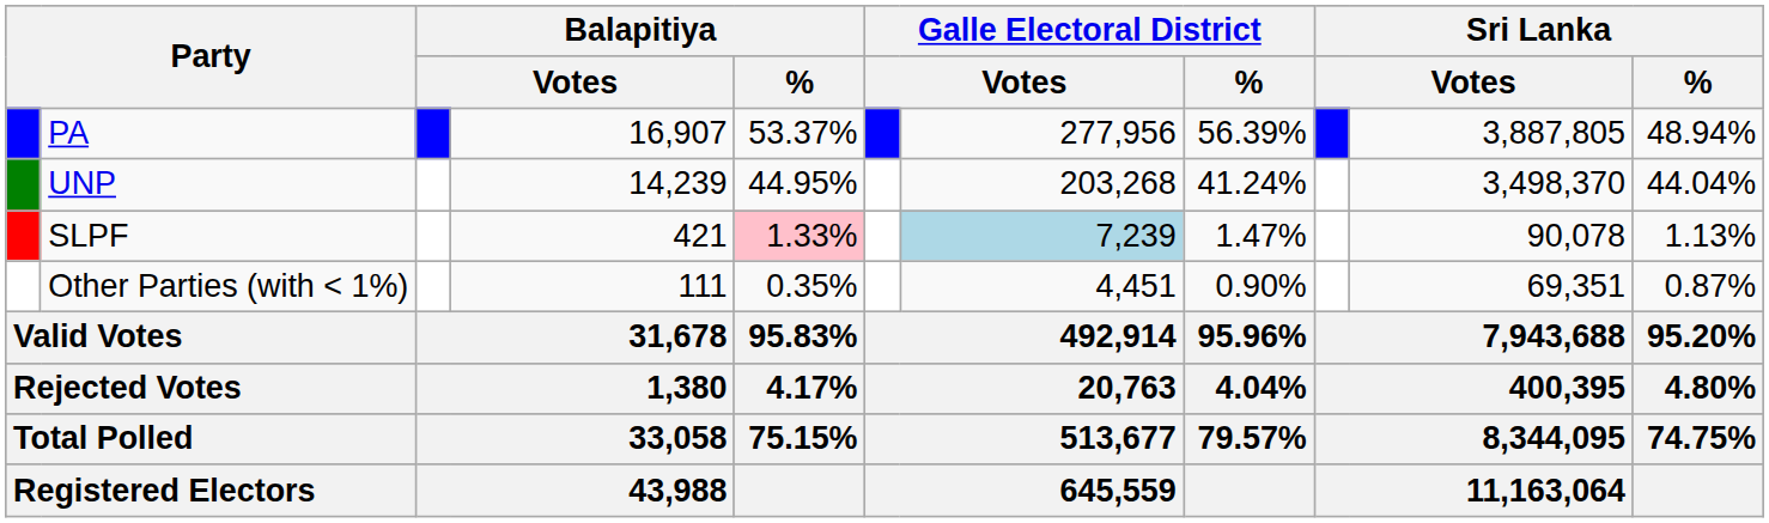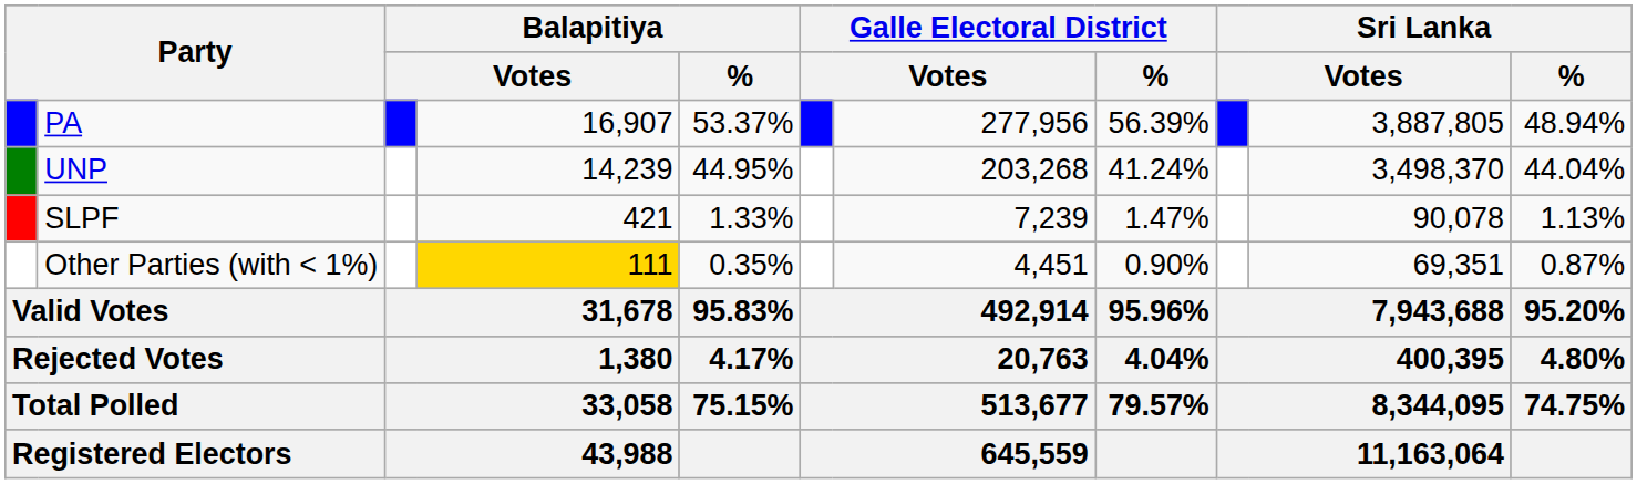 <table class="wikitable">
 <tr>
 <th colspan="2" width="144px"rowspan="2">Party</th>
 <th colspan="3" width="216px">Balapitiya</th>
 <th colspan="3" width="216px"><a href='#'>Galle Electoral District</a></th>
 <th colspan="3" width="216px">Sri Lanka</th>
 </tr>
 <tr>
 <th colspan="2" width="144px">Votes</th>
 <th>%</th>
 <th colspan="2" width="144px">Votes</th>
 <th>%</th>
 <th colspan="2" width="144px">Votes</th>
 <th>%</th>
 </tr>
 <tr>
 <td style="background-color:blue;" width="10px"></td>
 <td style="text-align:left;"><a href='#'>PA</a></td>
 <td style="background-color:blue;" width="10px"></td>
 <td style="text-align:right;">16,907</td>
 <td style="text-align:right;">53.37%</td>
 <td style="background-color:blue;" width="10px"></td>
 <td style="text-align:right;">277,956</td>
 <td style="text-align:right;">56.39%</td>
 <td style="background-color:blue;" width="10px"></td>
 <td style="text-align:right;">3,887,805</td>
 <td style="text-align:right;">48.94%</td>
 </tr>
 <tr>
 <td style="background-color:green;" width="10px"></td>
 <td style="text-align:left;"><a href='#'>UNP</a></td>
 <td style="background-color:white;" width="10px"></td>
 <td style="text-align:right;">14,239</td>
 <td style="text-align:right;">44.95%</td>
 <td style="background-color:white;" width="10px"></td>
 <td style="text-align:right;">203,268</td>
 <td style="text-align:right;">41.24%</td>
 <td style="background-color:white;" width="10px"></td>
 <td style="text-align:right;">3,498,370</td>
 <td style="text-align:right;">44.04%</td>
 </tr>
 <tr>
 <td style="background-color:red;" width="10px"></td>
 <td style="text-align:left;">SLPF</td>
 <td style="background-color:white;" width="10px"></td>
 <td style="text-align:right;">421</td>
-<td style="background: pink; text-align:right;">1.33%</td>
+<td style="text-align:right;">1.33%</td>
 <td style="background-color:white;" width="10px"></td>
-<td style="background: lightblue; text-align:right;">7,239</td>
+<td style="text-align:right;">7,239</td>
 <td style="text-align:right;">1.47%</td>
 <td style="background-color:white;" width="10px"></td>
 <td style="text-align:right;">90,078</td>
 <td style="text-align:right;">1.13%</td>
 </tr>
 <tr>
 <td style="background-color:white;" width="10px"></td>
 <td style="text-align:left;">Other Parties (with < 1%)</td>
 <td style="background-color:white;" width="10px"></td>
-<td style="text-align:right;">111</td>
+<td style="background: gold; text-align:right;">111</td>
 <td style="text-align:right;">0.35%</td>
 <td style="background-color:white;" width="10px"></td>
 <td style="text-align:right;">4,451</td>
 <td style="text-align:right;">0.90%</td>
 <td style="background-color:white;" width="10px"></td>
 <td style="text-align:right;">69,351</td>
 <td style="text-align:right;">0.87%</td>
 </tr>
 <tr>
 <th colspan="2" width="144px"style="text-align:left;">Valid Votes</th>
 <th style="text-align:right;"colspan="2" width="144px">31,678</th>
 <th style="text-align:right;">95.83%</th>
 <th style="text-align:right;"colspan="2" width="144px">492,914</th>
 <th style="text-align:right;">95.96%</th>
 <th style="text-align:right;"colspan="2" width="144px">7,943,688</th>
 <th style="text-align:right;">95.20%</th>
 </tr>
 <tr>
 <th colspan="2" width="144px"style="text-align:left;">Rejected Votes</th>
 <th style="text-align:right;"colspan="2" width="144px">1,380</th>
 <th style="text-align:right;">4.17%</th>
 <th style="text-align:right;"colspan="2" width="144px">20,763</th>
 <th style="text-align:right;">4.04%</th>
 <th style="text-align:right;"colspan="2" width="144px">400,395</th>
 <th style="text-align:right;">4.80%</th>
 </tr>
 <tr>
 <th colspan="2" width="144px"style="text-align:left;">Total Polled</th>
 <th style="text-align:right;"colspan="2" width="144px">33,058</th>
 <th style="text-align:right;">75.15%</th>
 <th style="text-align:right;"colspan="2" width="144px">513,677</th>
 <th style="text-align:right;">79.57%</th>
 <th style="text-align:right;"colspan="2" width="144px">8,344,095</th>
 <th style="text-align:right;">74.75%</th>
 </tr>
 <tr>
 <th colspan="2" width="144px"style="text-align:left;">Registered Electors</th>
 <th style="text-align:right;"colspan="2" width="144px">43,988</th>
 <th></th>
 <th style="text-align:right;"colspan="2" width="144px">645,559</th>
 <th></th>
 <th style="text-align:right;"colspan="2" width="144px">11,163,064</th>
 <th></th>
 </tr>
 </table>
